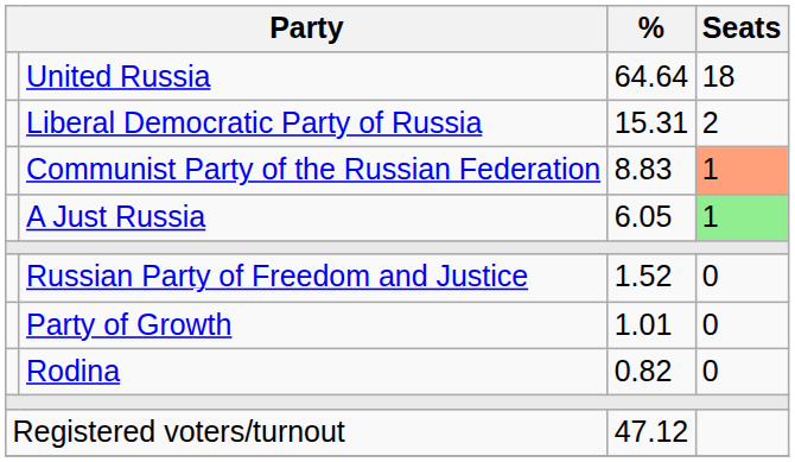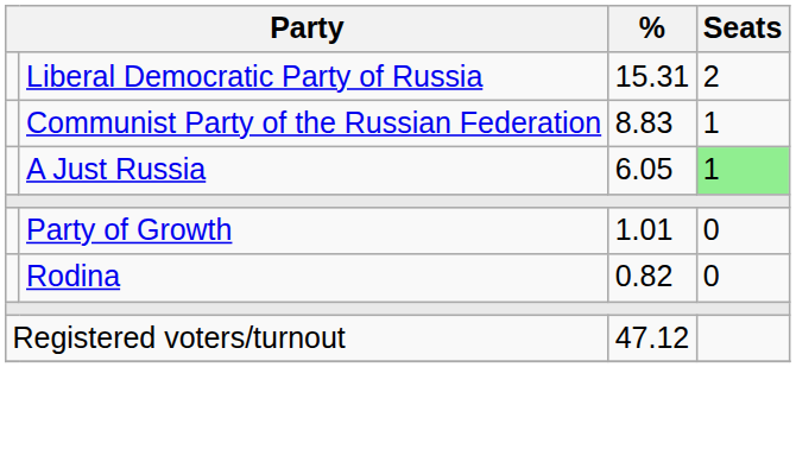 <table class="wikitable">
 <tr>
 <th colspan=2>Party</th>
 <th>%</th>
 <th>Seats</th>
-</tr>
-<tr>
-<td style="background:"></td>
-<td><a href='#'>United Russia</a></td>
-<td>64.64</td>
-<td>18</td>
 </tr>
 <tr>
 <td style="background:"></td>
 <td><a href='#'>Liberal Democratic Party of Russia</a></td>
 <td>15.31</td>
 <td>2</td>
 </tr>
 <tr>
 <td style="background:"></td>
 <td><a href='#'>Communist Party of the Russian Federation</a></td>
 <td>8.83</td>
-<td style="background: lightsalmon;">1</td>
+<td>1</td>
 </tr>
 <tr>
 <td style="background:"></td>
 <td><a href='#'>A Just Russia</a></td>
 <td>6.05</td>
 <td style="background: lightgreen;">1</td>
 </tr>
 <tr>
 <td colspan=4 style="background:#E9E9E9;"></td>
-</tr>
-<tr>
-<td style="background:"></td>
-<td><a href='#'>Russian Party of Freedom and Justice</a></td>
-<td>1.52</td>
-<td>0</td>
 </tr>
 <tr>
 <td style="background:"></td>
 <td><a href='#'>Party of Growth</a></td>
 <td>1.01</td>
 <td>0</td>
 </tr>
 <tr>
 <td style="background:"></td>
 <td><a href='#'>Rodina</a></td>
 <td>0.82</td>
 <td>0</td>
 </tr>
 <tr>
 <td colspan=4 style="background:#E9E9E9;"></td>
 </tr>
 <tr>
 <td align=left colspan=2>Registered voters/turnout</td>
 <td>47.12</td>
 <td></td>
 </tr>
 <tr>
 </tr>
 </table>
